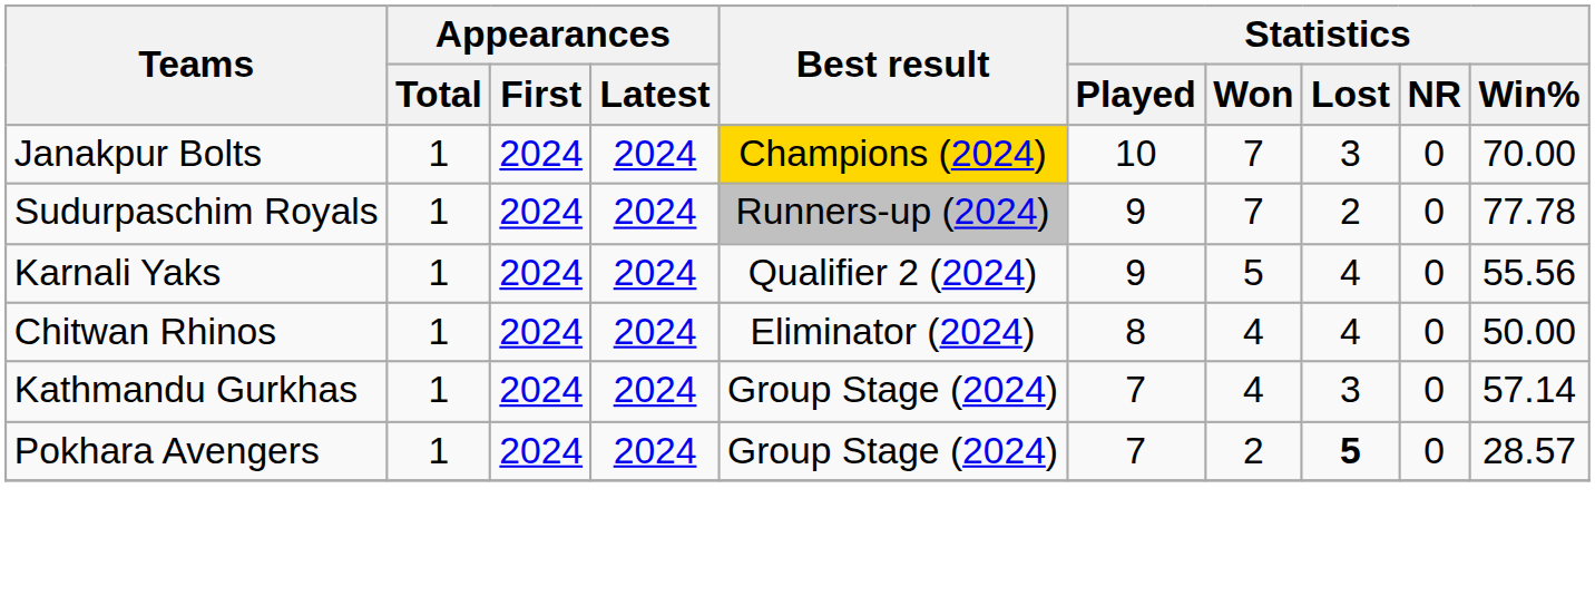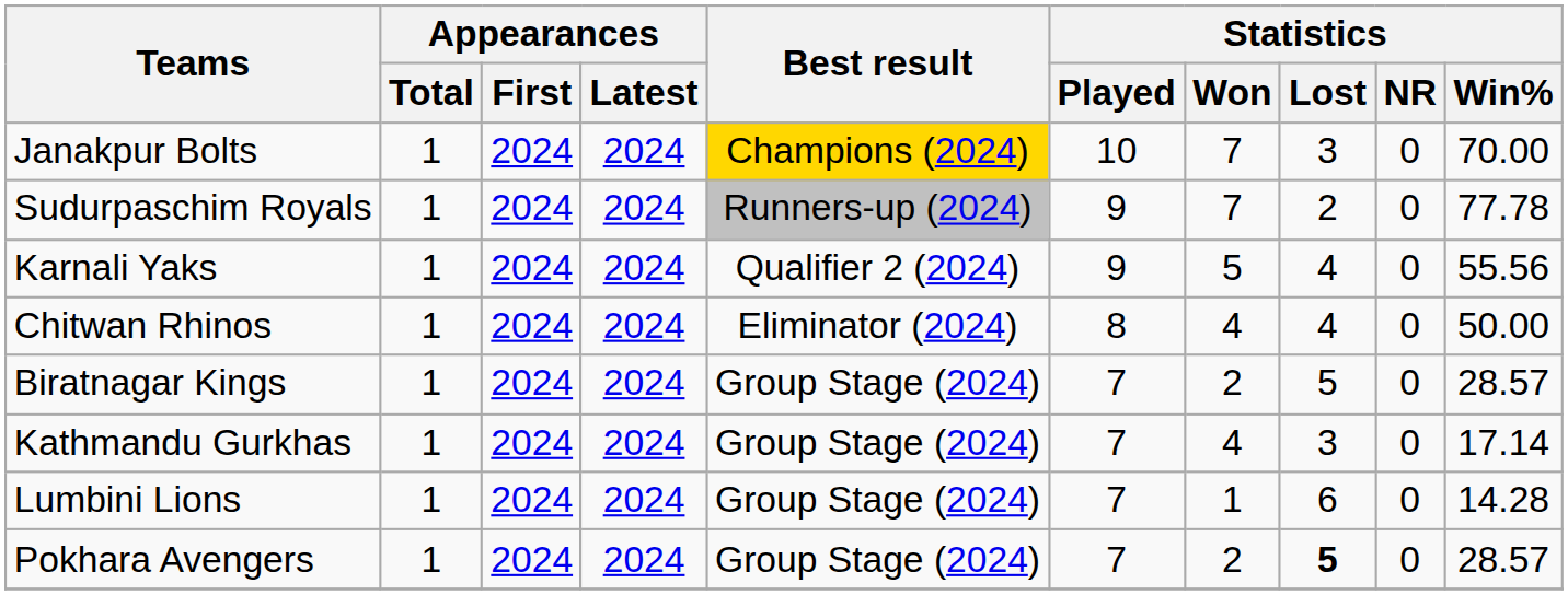 <table class="wikitable" style="text-align: center">
 <tr>
 <th rowspan="2">Teams</th>
 <th colspan="3">Appearances</th>
 <th rowspan="2">Best result</th>
 <th colspan="5">Statistics</th>
 </tr>
 <tr>
 <th>Total</th>
 <th>First</th>
 <th>Latest</th>
 <th>Played</th>
 <th>Won</th>
 <th>Lost</th>
 <th>NR</th>
 <th>Win%</th>
 </tr>
 <tr>
 <td align="left">Janakpur Bolts</td>
 <td>1</td>
 <td><a href='#'>2024</a></td>
 <td><a href='#'>2024</a></td>
 <td style="background: gold">Champions (<a href='#'>2024</a>)</td>
 <td>10</td>
 <td>7</td>
 <td>3</td>
 <td>0</td>
 <td>70.00</td>
 </tr>
 <tr>
 <td align="left">Sudurpaschim Royals</td>
 <td>1</td>
 <td><a href='#'>2024</a></td>
 <td><a href='#'>2024</a></td>
 <td style="background: silver">Runners-up (<a href='#'>2024</a>)</td>
 <td>9</td>
 <td>7</td>
 <td>2</td>
 <td>0</td>
 <td>77.78</td>
 </tr>
 <tr>
 <td align="left">Karnali Yaks</td>
 <td>1</td>
 <td><a href='#'>2024</a></td>
 <td><a href='#'>2024</a></td>
 <td>Qualifier 2 (<a href='#'>2024</a>)</td>
 <td>9</td>
 <td>5</td>
 <td>4</td>
 <td>0</td>
 <td>55.56</td>
 </tr>
 <tr>
 <td align="left">Chitwan Rhinos</td>
 <td>1</td>
 <td><a href='#'>2024</a></td>
 <td><a href='#'>2024</a></td>
 <td>Eliminator (<a href='#'>2024</a>)</td>
 <td>8</td>
 <td>4</td>
 <td>4</td>
 <td>0</td>
 <td>50.00</td>
 </tr>
 <tr>
+<td align=left>Biratnagar Kings</td>
+<td>1</td>
+<td><a href='#'>2024</a></td>
+<td><a href='#'>2024</a></td>
+<td>Group Stage (<a href='#'>2024</a>)</td>
+<td>7</td>
+<td>2</td>
+<td>5</td>
+<td>0</td>
+<td>28.57</td>
+</tr>
+<tr>
 <td align="left">Kathmandu Gurkhas</td>
 <td>1</td>
 <td><a href='#'>2024</a></td>
 <td><a href='#'>2024</a></td>
 <td>Group Stage (<a href='#'>2024</a>)</td>
 <td>7</td>
 <td>4</td>
 <td>3</td>
 <td>0</td>
-<td>57.14</td>
+<td>17.14</td>
+</tr>
+<tr>
+<td align="left">Lumbini Lions</td>
+<td>1</td>
+<td><a href='#'>2024</a></td>
+<td><a href='#'>2024</a></td>
+<td>Group Stage (<a href='#'>2024</a>)</td>
+<td>7</td>
+<td>1</td>
+<td>6</td>
+<td>0</td>
+<td>14.28</td>
 </tr>
 <tr>
 <td align="left">Pokhara Avengers</td>
 <td>1</td>
 <td><a href='#'>2024</a></td>
 <td><a href='#'>2024</a></td>
 <td>Group Stage (<a href='#'>2024</a>)</td>
 <td>7</td>
 <td>2</td>
 <td><strong>5</strong></td>
 <td>0</td>
 <td>28.57</td>
 </tr>
 <tr>
 </tr>
 </table>
